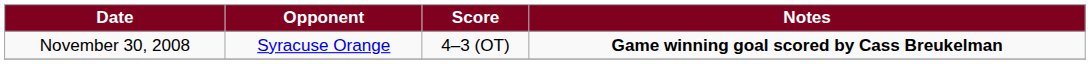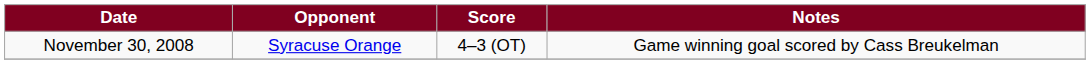 <table class="wikitable" width="80%">
 <tr align="center"  style=" background:#800020;color:#ffffff;">
 <td><strong>Date</strong></td>
 <td><strong>Opponent</strong></td>
 <td><strong>Score</strong></td>
 <td><strong>Notes</strong></td>
 </tr>
 <tr align="center" bgcolor="">
 <td>November 30, 2008</td>
 <td><a href='#'>Syracuse Orange</a></td>
 <td>4–3 (OT) </td>
-<td><strong>Game winning goal scored by Cass Breukelman</strong></td>
+<td>Game winning goal scored by Cass Breukelman</td>
 </tr>
 <tr align="center" bgcolor="">
 </tr>
 </table>
